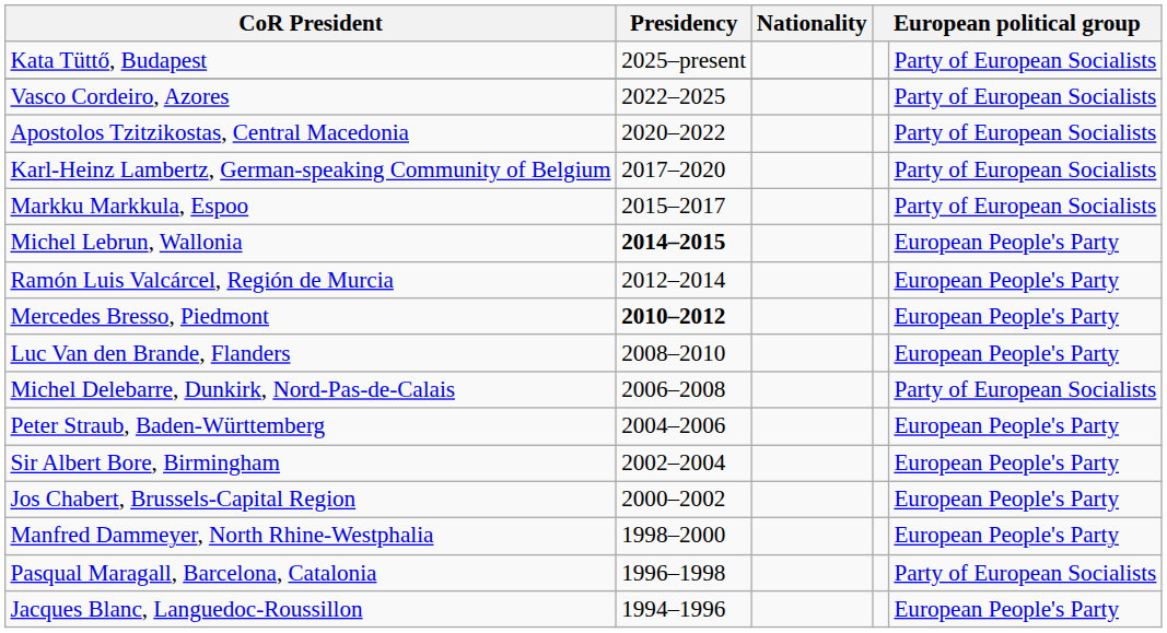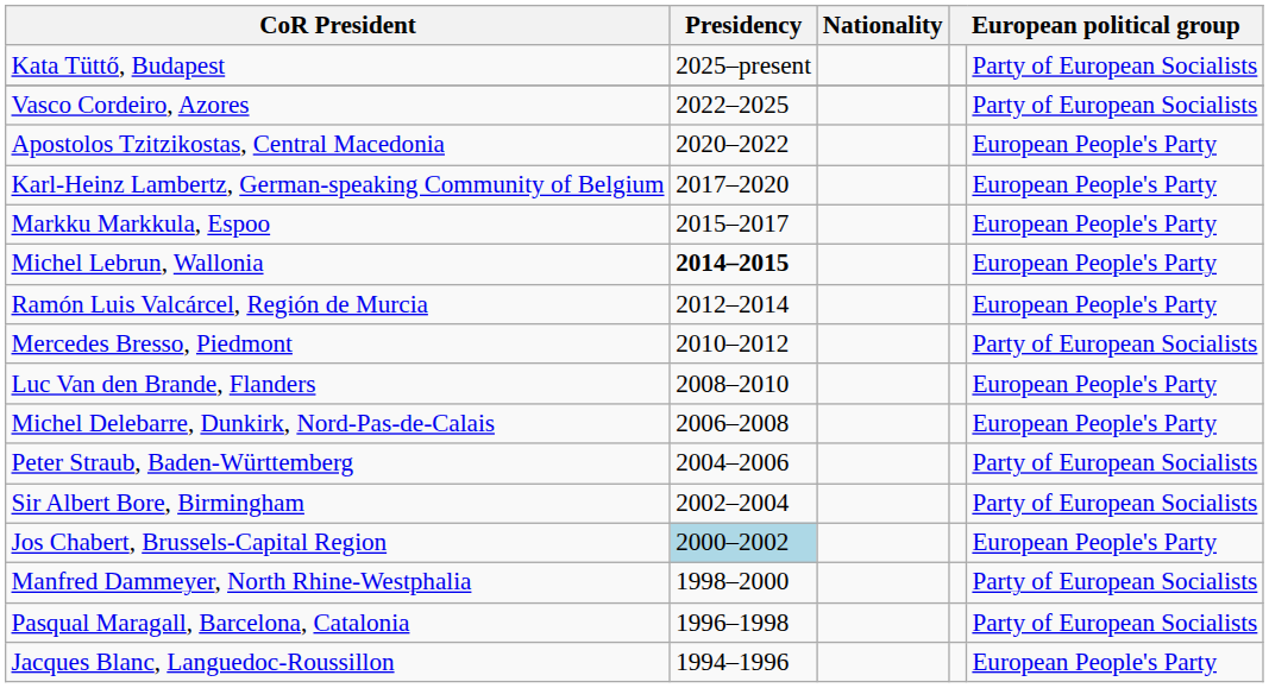 <table class="wikitable">
 <tr>
 <th>CoR President</th>
 <th>Presidency</th>
 <th>Nationality</th>
 <th colspan="2">European political group</th>
 </tr>
 <tr>
 <td><a href='#'>Kata Tüttő</a>, <a href='#'>Budapest</a></td>
 <td>2025–present</td>
 <td></td>
 <td style="width: 0.25em; background-color: "></td>
 <td><a href='#'>Party of European Socialists</a></td>
 </tr>
 <tr>
 </tr>
 <tr>
 <td><a href='#'>Vasco Cordeiro</a>, <a href='#'>Azores</a></td>
 <td>2022–2025</td>
 <td></td>
 <td style="width: 0.25em; background-color: "></td>
 <td><a href='#'>Party of European Socialists</a></td>
 </tr>
 <tr>
 <td><a href='#'>Apostolos Tzitzikostas</a>, <a href='#'>Central Macedonia</a></td>
 <td>2020–2022</td>
 <td></td>
 <td style="width: 0.25em; background-color: "></td>
-<td><a href='#'>Party of European Socialists</a></td>
+<td><a href='#'>European People's Party</a></td>
 </tr>
 <tr>
 <td><a href='#'>Karl-Heinz Lambertz</a>, <a href='#'>German-speaking Community of Belgium</a></td>
 <td>2017–2020</td>
 <td></td>
 <td style="width: 0.25em; background-color: "></td>
-<td><a href='#'>Party of European Socialists</a></td>
+<td><a href='#'>European People's Party</a></td>
 </tr>
 <tr>
 <td><a href='#'>Markku Markkula</a>, <a href='#'>Espoo</a></td>
 <td>2015–2017</td>
 <td></td>
 <td style="width: 0.25em; background-color: "></td>
-<td><a href='#'>Party of European Socialists</a></td>
+<td><a href='#'>European People's Party</a></td>
 </tr>
 <tr>
 <td><a href='#'>Michel Lebrun</a>, <a href='#'>Wallonia</a></td>
 <td><strong>2014–2015</strong></td>
 <td></td>
 <td style="width: 0.25em; background-color: "></td>
 <td><a href='#'>European People's Party</a></td>
 </tr>
 <tr>
 <td><a href='#'>Ramón Luis Valcárcel</a>, <a href='#'>Región de Murcia</a></td>
 <td>2012–2014</td>
 <td></td>
 <td style="width: 0.25em; background-color: "></td>
 <td><a href='#'>European People's Party</a></td>
 </tr>
 <tr>
 <td><a href='#'>Mercedes Bresso</a>, <a href='#'>Piedmont</a></td>
-<td><strong>2010–2012</strong></td>
+<td>2010–2012</td>
 <td></td>
 <td style="width: 0.25em; background-color: "></td>
-<td><a href='#'>European People's Party</a></td>
+<td><a href='#'>Party of European Socialists</a></td>
 </tr>
 <tr>
 <td><a href='#'>Luc Van den Brande</a>, <a href='#'>Flanders</a></td>
 <td>2008–2010</td>
 <td></td>
 <td style="width: 0.25em; background-color: "></td>
 <td><a href='#'>European People's Party</a></td>
 </tr>
 <tr>
 <td><a href='#'>Michel Delebarre</a>, <a href='#'>Dunkirk</a>, <a href='#'>Nord-Pas-de-Calais</a></td>
 <td>2006–2008</td>
 <td></td>
 <td style="width: 0.25em; background-color: "></td>
-<td><a href='#'>Party of European Socialists</a></td>
+<td><a href='#'>European People's Party</a></td>
 </tr>
 <tr>
 <td><a href='#'>Peter Straub</a>, <a href='#'>Baden-Württemberg</a></td>
 <td>2004–2006</td>
 <td></td>
 <td style="width: 0.25em; background-color: "></td>
-<td><a href='#'>European People's Party</a></td>
+<td><a href='#'>Party of European Socialists</a></td>
 </tr>
 <tr>
 <td><a href='#'>Sir Albert Bore</a>, <a href='#'>Birmingham</a></td>
 <td>2002–2004</td>
 <td></td>
 <td style="width: 0.25em; background-color: "></td>
-<td><a href='#'>European People's Party</a></td>
+<td><a href='#'>Party of European Socialists</a></td>
 </tr>
 <tr>
 <td><a href='#'>Jos Chabert</a>, <a href='#'>Brussels-Capital Region</a></td>
-<td>2000–2002</td>
+<td style="background: lightblue;">2000–2002</td>
 <td></td>
 <td style="width: 0.25em; background-color: "></td>
 <td><a href='#'>European People's Party</a></td>
 </tr>
 <tr>
 <td><a href='#'>Manfred Dammeyer</a>, <a href='#'>North Rhine-Westphalia</a></td>
 <td>1998–2000</td>
 <td></td>
 <td style="width: 0.25em; background-color: "></td>
-<td><a href='#'>European People's Party</a></td>
+<td><a href='#'>Party of European Socialists</a></td>
 </tr>
 <tr>
 <td><a href='#'>Pasqual Maragall</a>, <a href='#'>Barcelona</a>, <a href='#'>Catalonia</a></td>
 <td>1996–1998</td>
 <td></td>
 <td style="width: 0.25em; background-color: "></td>
 <td><a href='#'>Party of European Socialists</a></td>
 </tr>
 <tr>
 <td><a href='#'>Jacques Blanc</a>, <a href='#'>Languedoc-Roussillon</a></td>
 <td>1994–1996</td>
 <td></td>
 <td style="width: 0.25em; background-color: "></td>
 <td><a href='#'>European People's Party</a></td>
 </tr>
 </table>
